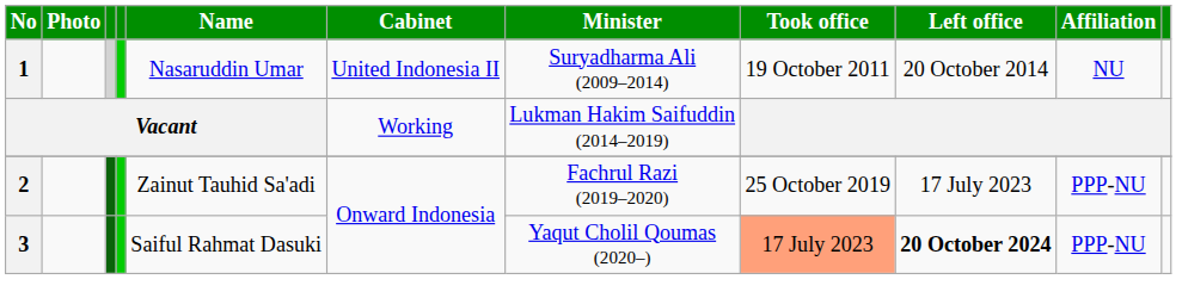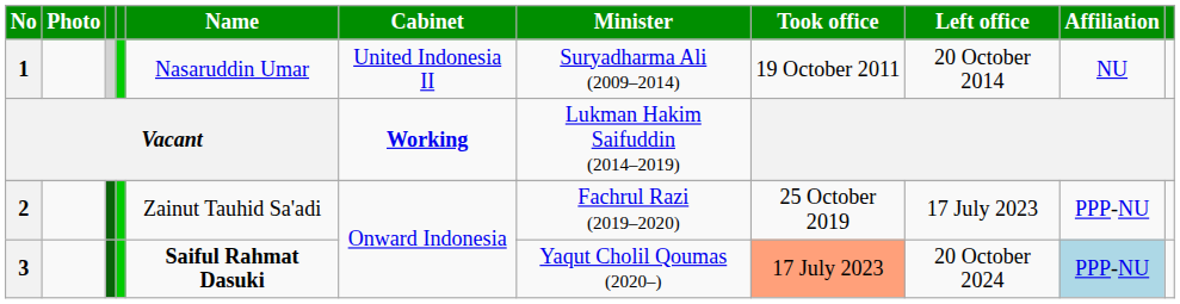 <table class="wikitable">
 <tr>
 <th align="center" style="background-color:#008e00; color:#ffffff;">No</th>
 <th align="center" style="background-color:#008e00; color:#ffffff;">Photo</th>
 <th align="center" style="background-color:#008e00; color:#ffffff;"></th>
 <th align="center" style="background-color:#008e00; color:#ffffff;"></th>
 <th align="center" style="background-color:#008e00; color:#ffffff;">Name</th>
 <th align="center" style="background-color:#008e00; color:#ffffff;">Cabinet</th>
 <th align="center" style="background-color:#008e00; color:#ffffff;">Minister</th>
 <th align="center" style="background-color:#008e00; color:#ffffff;">Took office</th>
 <th align="center" style="background-color:#008e00; color:#ffffff;">Left office</th>
 <th align="center" style="background-color:#008e00; color:#ffffff;">Affiliation</th>
 <th align="center" style="background-color:#008e00; color:#ffffff;"></th>
 </tr>
 <tr align=center>
 <th rowspan=2>1</th>
 <td rowspan=2></td>
 <td rowspan=2 bgcolor=#d3d3d3></td>
 <td rowspan=2 bgcolor=#00cc00></td>
 <td rowspan=2><a href='#'>Nasaruddin Umar</a></td>
 <td rowspan=2><a href='#'>United Indonesia II</a></td>
 <td><a href='#'>Suryadharma Ali</a><br><small>(2009–2014)</small></td>
 <td rowspan=2>19 October 2011</td>
 <td rowspan=2>20 October 2014</td>
 <td rowspan=2><a href='#'>NU</a></td>
 <td rowspan=2></td>
 </tr>
 <tr align=center>
 <td rowspan=2><a href='#'>Lukman Hakim Saifuddin</a><br><small>(2014–2019)</small></td>
 </tr>
 <tr align=center>
 <th colspan=5><em>Vacant</em></th>
-<td><a href='#'>Working</a></td>
+<td><strong><a href='#'>Working</a></strong></td>
 <th colspan=4></th>
 </tr>
 <tr>
 </tr>
 <tr align=center>
 <th rowspan=2>2</th>
 <td rowspan=2></td>
 <td rowspan=2 bgcolor=#096309></td>
 <td rowspan=2 bgcolor=#00cc00></td>
 <td rowspan=2>Zainut Tauhid Sa'adi</td>
 <td rowspan=3><a href='#'>Onward Indonesia</a></td>
 <td><a href='#'>Fachrul Razi</a><br><small>(2019–2020)</small></td>
 <td rowspan=2>25 October 2019</td>
 <td rowspan=2>17 July 2023</td>
 <td rowspan=2><a href='#'>PPP</a>-<a href='#'>NU</a></td>
 <td rowspan=2></td>
 </tr>
 <tr align=center>
 <td rowspan=2><a href='#'>Yaqut Cholil Qoumas</a><br><small>(2020–)</small></td>
 </tr>
 <tr align=center>
 <th>3</th>
 <td></td>
 <td rowspan=2 bgcolor=#096309></td>
 <td bgcolor=#00cc00></td>
-<td>Saiful Rahmat Dasuki</td>
+<td><strong>Saiful Rahmat Dasuki</strong></td>
 <td style="background: lightsalmon;">17 July 2023</td>
-<td><strong>20 October 2024</strong></td>
-<td><a href='#'>PPP</a>-<a href='#'>NU</a></td>
+<td>20 October 2024</td>
+<td style="background: lightblue;"><a href='#'>PPP</a>-<a href='#'>NU</a></td>
 <td></td>
 </tr>
 </table>
